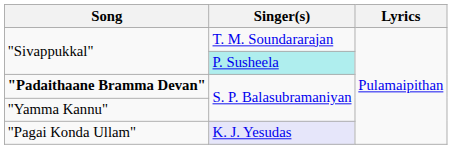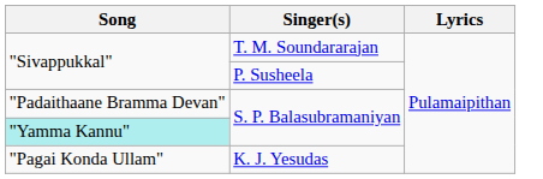 <table class="wikitable">
 <tr>
 <th>Song</th>
 <th>Singer(s)</th>
 <th>Lyrics</th>
 </tr>
 <tr>
 <td rowspan="2">"Sivappukkal"</td>
 <td><a href='#'>T. M. Soundararajan</a></td>
 <td rowspan="5"><a href='#'>Pulamaipithan</a></td>
 </tr>
 <tr>
-<td style="background: paleturquoise;"><a href='#'>P. Susheela</a></td>
+<td><a href='#'>P. Susheela</a></td>
 </tr>
 <tr>
-<td><strong>"Padaithaane Bramma Devan"</strong></td>
+<td>"Padaithaane Bramma Devan"</td>
 <td rowspan="2"><a href='#'>S. P. Balasubramaniyan</a></td>
 </tr>
 <tr>
-<td>"Yamma Kannu"</td>
+<td style="background: paleturquoise;">"Yamma Kannu"</td>
 </tr>
 <tr>
 <td>"Pagai Konda Ullam"</td>
-<td style="background: lavender;"><a href='#'>K. J. Yesudas</a></td>
+<td><a href='#'>K. J. Yesudas</a></td>
 </tr>
 </table>
